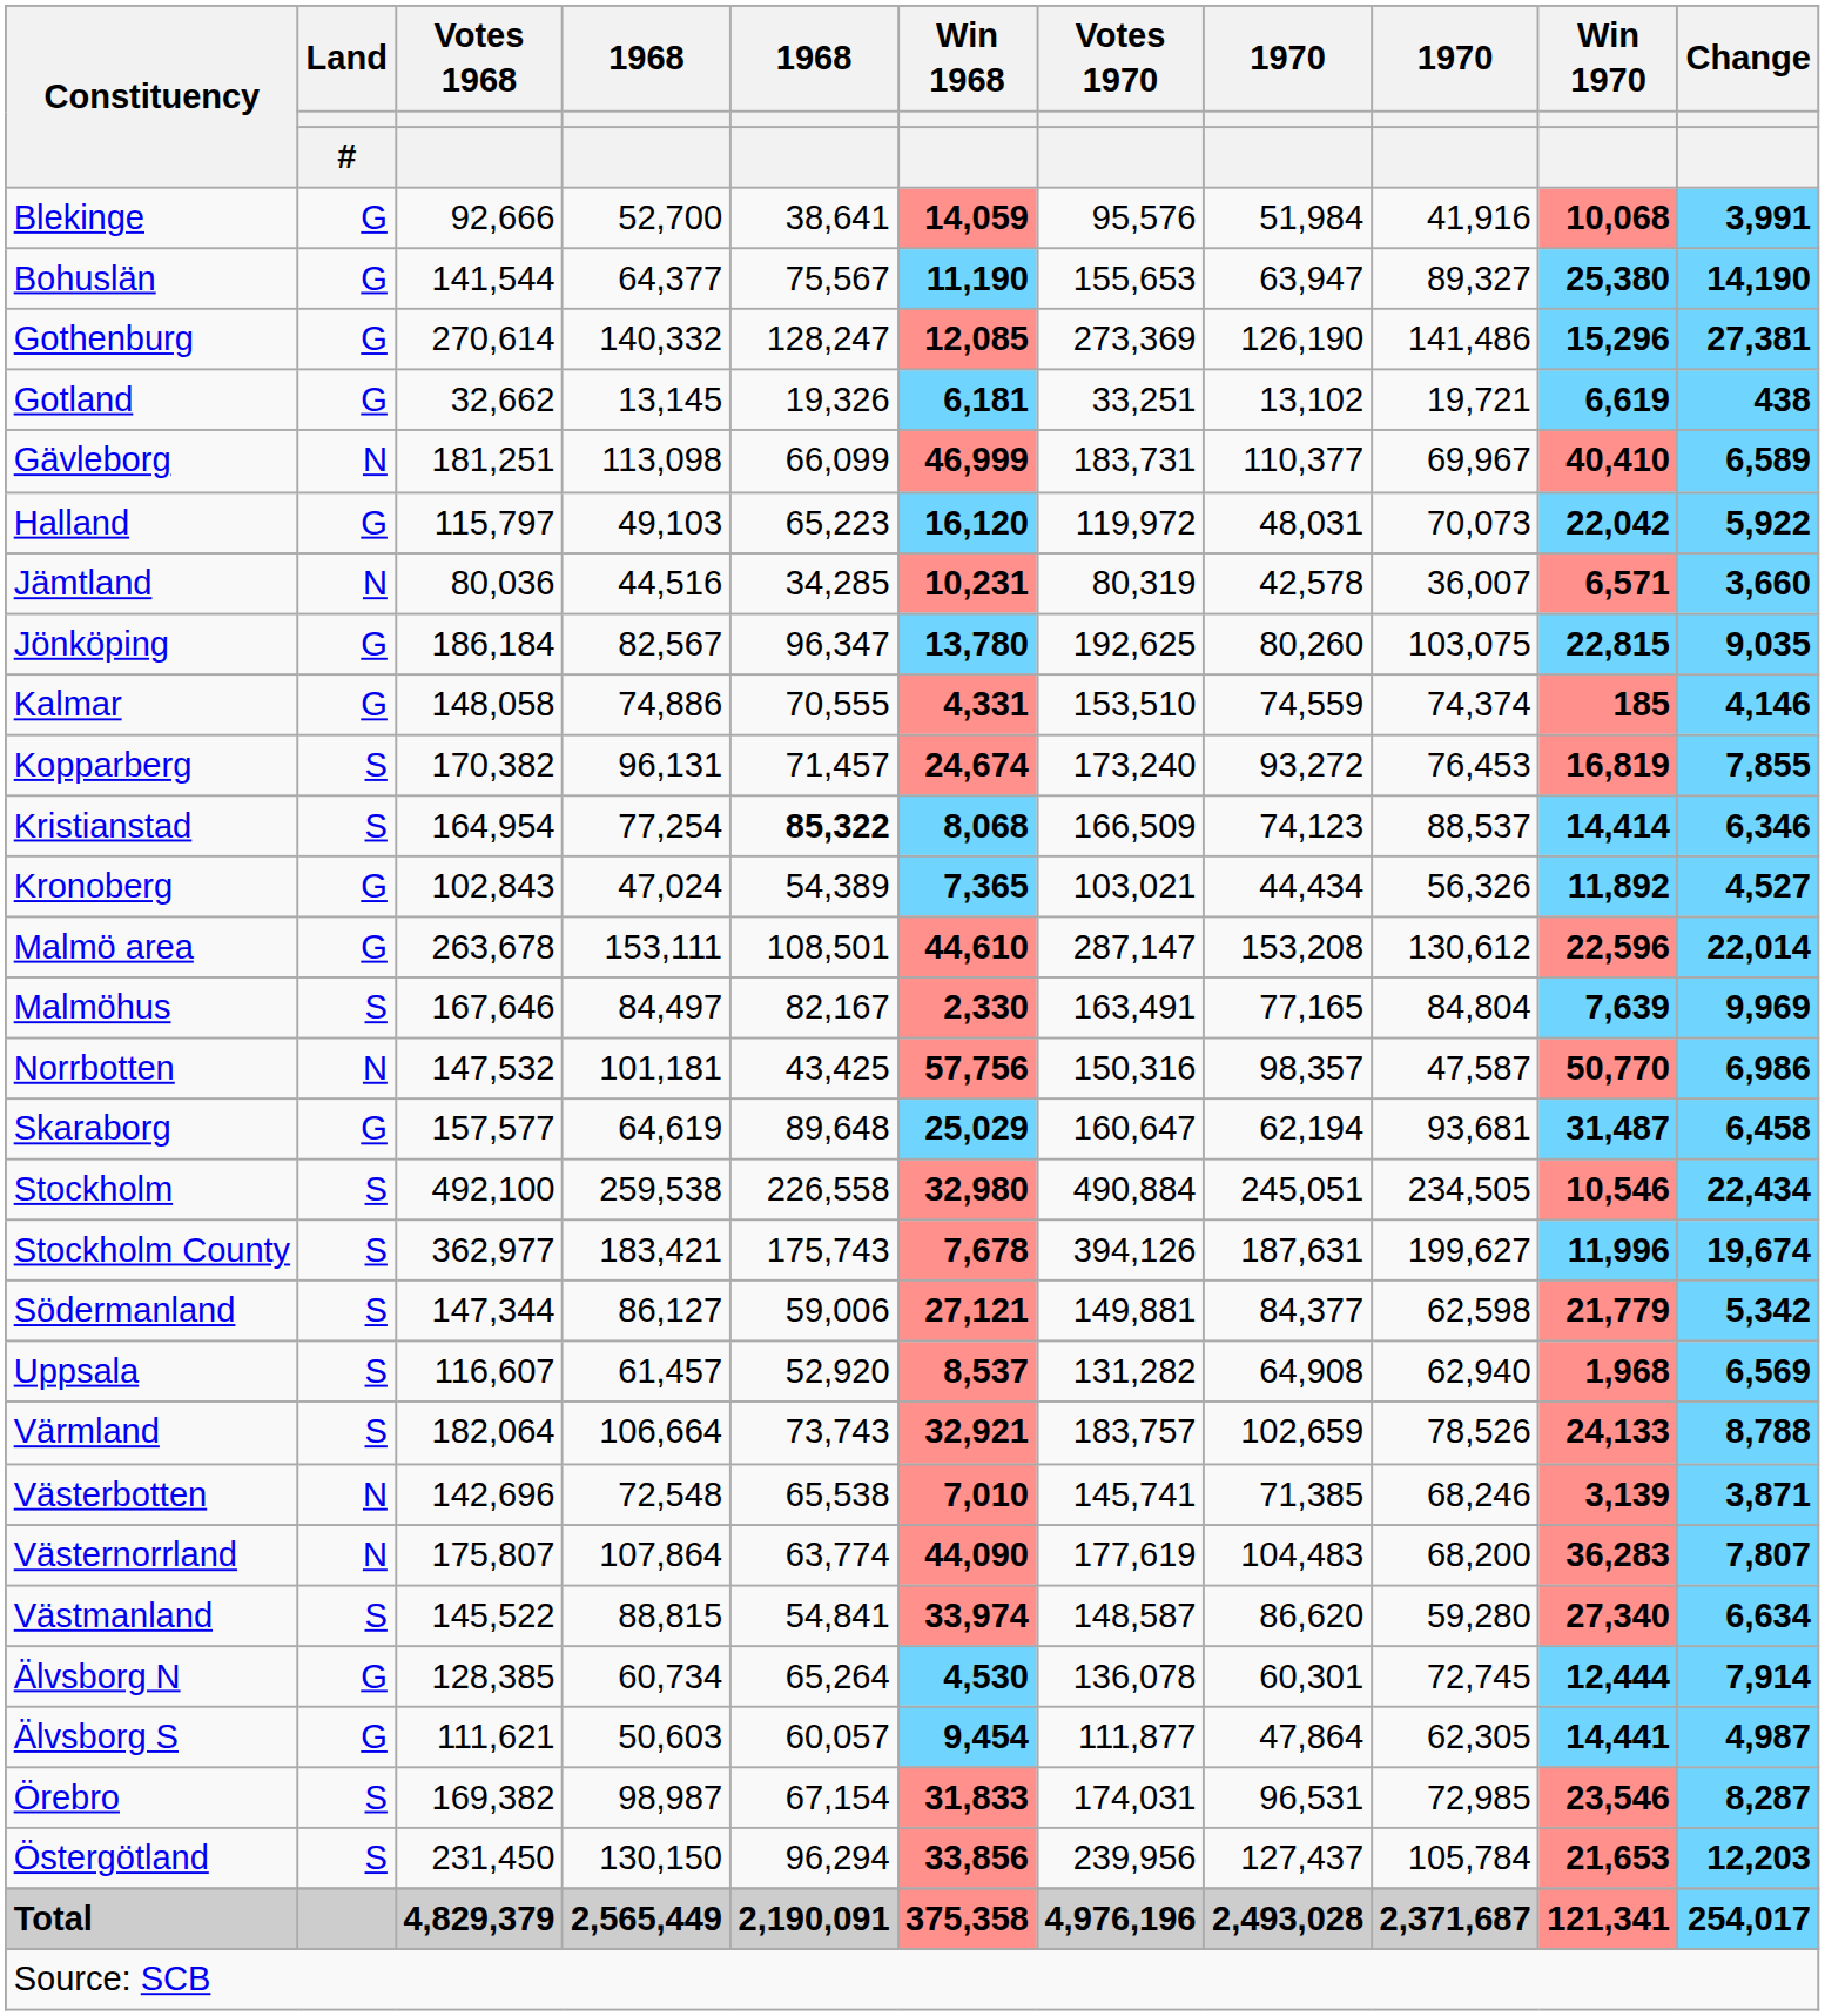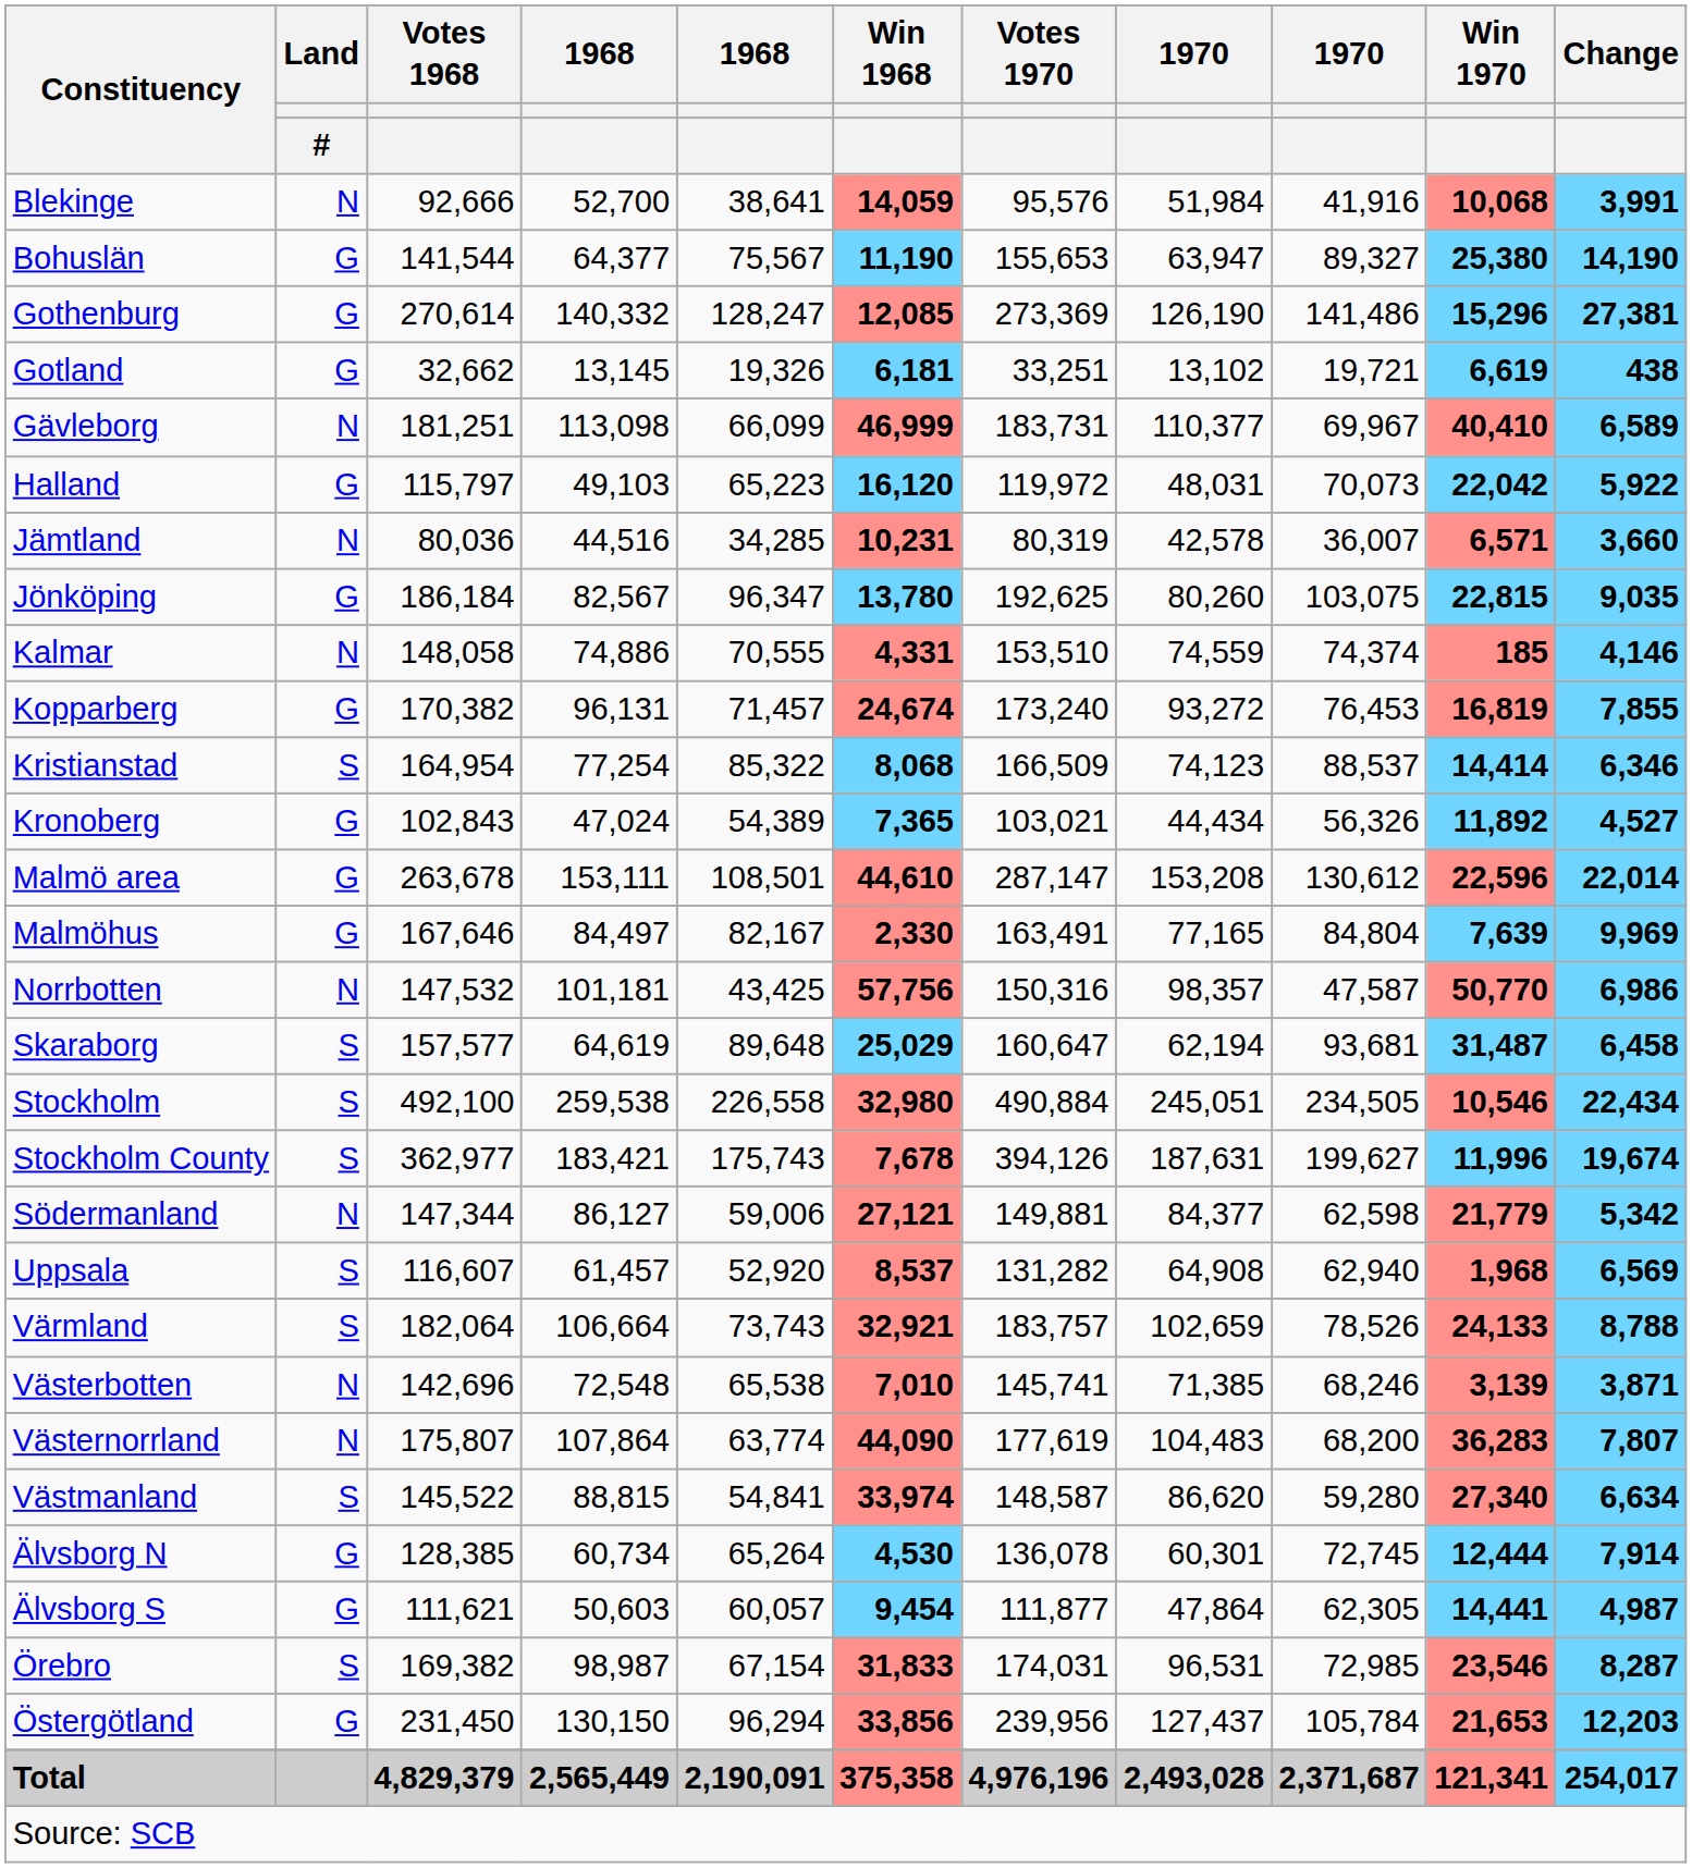 <table class="wikitable sortable" style="text-align:right; font-size:95%; line-height:20px;">
 <tr>
 <th rowspan="3">Constituency</th>
 <th>Land</th>
 <th width="30px" class="unsortable">Votes 1968</th>
 <th> 1968</th>
 <th> 1968</th>
 <th width="30px" class="unsortable">Win 1968</th>
 <th width="30px" class="unsortable">Votes 1970</th>
 <th> 1970</th>
 <th> 1970</th>
 <th width="30px" class="unsortable">Win 1970</th>
 <th width="30px" class="unsortable">Change</th>
 </tr>
 <tr>
 <th></th>
 <th></th>
 <th style="background:"></th>
 <th style="background:"></th>
 <th></th>
 <th></th>
 <th style="background:"></th>
 <th style="background:"></th>
 <th></th>
 <th></th>
 </tr>
 <tr>
 <th data-sort-type="number">#</th>
 <th data-sort-type="number"></th>
 <th data-sort-type="number"></th>
 <th data-sort-type="number"></th>
 <th data-sort-type="number"></th>
 <th data-sort-type="number"></th>
 <th data-sort-type="number"></th>
 <th data-sort-type="number"></th>
 <th data-sort-type="number"></th>
 <th data-sort-type="number"></th>
 </tr>
 <tr>
 <td align="left"><a href='#'>Blekinge</a></td>
-<td><a href='#'>G</a></td>
+<td><a href='#'>N</a></td>
 <td>92,666</td>
 <td>52,700</td>
 <td>38,641</td>
 <td bgcolor=#ff908c><strong>14,059</strong></td>
 <td>95,576</td>
 <td>51,984</td>
 <td>41,916</td>
 <td bgcolor=#ff908c><strong>10,068</strong></td>
 <td bgcolor=#6fd5fe><strong>3,991</strong></td>
 </tr>
 <tr>
 <td align="left"><a href='#'>Bohuslän</a></td>
 <td><a href='#'>G</a></td>
 <td>141,544</td>
 <td>64,377</td>
 <td>75,567</td>
 <td bgcolor=#6fd5fe><strong>11,190</strong></td>
 <td>155,653</td>
 <td>63,947</td>
 <td>89,327</td>
 <td bgcolor=#6fd5fe><strong>25,380</strong></td>
 <td bgcolor=#6fd5fe><strong>14,190</strong></td>
 </tr>
 <tr>
 <td align="left"><a href='#'>Gothenburg</a></td>
 <td><a href='#'>G</a></td>
 <td>270,614</td>
 <td>140,332</td>
 <td>128,247</td>
 <td bgcolor=#ff908c><strong>12,085</strong></td>
 <td>273,369</td>
 <td>126,190</td>
 <td>141,486</td>
 <td bgcolor=#6fd5fe><strong>15,296</strong></td>
 <td bgcolor=#6fd5fe><strong>27,381</strong></td>
 </tr>
 <tr>
 <td align="left"><a href='#'>Gotland</a></td>
 <td><a href='#'>G</a></td>
 <td>32,662</td>
 <td>13,145</td>
 <td>19,326</td>
 <td bgcolor=#6fd5fe><strong>6,181</strong></td>
 <td>33,251</td>
 <td>13,102</td>
 <td>19,721</td>
 <td bgcolor=#6fd5fe><strong>6,619</strong></td>
 <td bgcolor=#6fd5fe><strong>438</strong></td>
 </tr>
 <tr>
 <td align="left"><a href='#'>Gävleborg</a></td>
 <td><a href='#'>N</a></td>
 <td>181,251</td>
 <td>113,098</td>
 <td>66,099</td>
 <td bgcolor=#ff908c><strong>46,999</strong></td>
 <td>183,731</td>
 <td>110,377</td>
 <td>69,967</td>
 <td bgcolor=#ff908c><strong>40,410</strong></td>
 <td bgcolor=#6fd5fe><strong>6,589</strong></td>
 </tr>
 <tr>
 <td align="left"><a href='#'>Halland</a></td>
 <td><a href='#'>G</a></td>
 <td>115,797</td>
 <td>49,103</td>
 <td>65,223</td>
 <td bgcolor=#6fd5fe><strong>16,120</strong></td>
 <td>119,972</td>
 <td>48,031</td>
 <td>70,073</td>
 <td bgcolor=#6fd5fe><strong>22,042</strong></td>
 <td bgcolor=#6fd5fe><strong>5,922</strong></td>
 </tr>
 <tr>
 <td align="left"><a href='#'>Jämtland</a></td>
 <td><a href='#'>N</a></td>
 <td>80,036</td>
 <td>44,516</td>
 <td>34,285</td>
 <td bgcolor=#ff908c><strong>10,231</strong></td>
 <td>80,319</td>
 <td>42,578</td>
 <td>36,007</td>
 <td bgcolor=#ff908c><strong>6,571</strong></td>
 <td bgcolor=#6fd5fe><strong>3,660</strong></td>
 </tr>
 <tr>
 <td align="left"><a href='#'>Jönköping</a></td>
 <td><a href='#'>G</a></td>
 <td>186,184</td>
 <td>82,567</td>
 <td>96,347</td>
 <td bgcolor=#6fd5fe><strong>13,780</strong></td>
 <td>192,625</td>
 <td>80,260</td>
 <td>103,075</td>
 <td bgcolor=#6fd5fe><strong>22,815</strong></td>
 <td bgcolor=#6fd5fe><strong>9,035</strong></td>
 </tr>
 <tr>
 <td align="left"><a href='#'>Kalmar</a></td>
-<td><a href='#'>G</a></td>
+<td><a href='#'>N</a></td>
 <td>148,058</td>
 <td>74,886</td>
 <td>70,555</td>
 <td bgcolor=#ff908c><strong>4,331</strong></td>
 <td>153,510</td>
 <td>74,559</td>
 <td>74,374</td>
 <td bgcolor=#ff908c><strong>185</strong></td>
 <td bgcolor=#6fd5fe><strong>4,146</strong></td>
 </tr>
 <tr>
 <td align="left"><a href='#'>Kopparberg</a></td>
-<td><a href='#'>S</a></td>
+<td><a href='#'>G</a></td>
 <td>170,382</td>
 <td>96,131</td>
 <td>71,457</td>
 <td bgcolor=#ff908c><strong>24,674</strong></td>
 <td>173,240</td>
 <td>93,272</td>
 <td>76,453</td>
 <td bgcolor=#ff908c><strong>16,819</strong></td>
 <td bgcolor=#6fd5fe><strong>7,855</strong></td>
 </tr>
 <tr>
 <td align="left"><a href='#'>Kristianstad</a></td>
 <td><a href='#'>S</a></td>
 <td>164,954</td>
 <td>77,254</td>
-<td><strong>85,322</strong></td>
+<td>85,322</td>
 <td bgcolor=#6fd5fe><strong>8,068</strong></td>
 <td>166,509</td>
 <td>74,123</td>
 <td>88,537</td>
 <td bgcolor=#6fd5fe><strong>14,414</strong></td>
 <td bgcolor=#6fd5fe><strong>6,346</strong></td>
 </tr>
 <tr>
 <td align="left"><a href='#'>Kronoberg</a></td>
 <td><a href='#'>G</a></td>
 <td>102,843</td>
 <td>47,024</td>
 <td>54,389</td>
 <td bgcolor=#6fd5fe><strong>7,365</strong></td>
 <td>103,021</td>
 <td>44,434</td>
 <td>56,326</td>
 <td bgcolor=#6fd5fe><strong>11,892</strong></td>
 <td bgcolor=#6fd5fe><strong>4,527</strong></td>
 </tr>
 <tr>
 <td align="left"><a href='#'>Malmö area</a></td>
 <td><a href='#'>G</a></td>
 <td>263,678</td>
 <td>153,111</td>
 <td>108,501</td>
 <td bgcolor=#ff908c><strong>44,610</strong></td>
 <td>287,147</td>
 <td>153,208</td>
 <td>130,612</td>
 <td bgcolor=#ff908c><strong>22,596</strong></td>
 <td bgcolor=#6fd5fe><strong>22,014</strong></td>
 </tr>
 <tr>
 <td align="left"><a href='#'>Malmöhus</a></td>
-<td><a href='#'>S</a></td>
+<td><a href='#'>G</a></td>
 <td>167,646</td>
 <td>84,497</td>
 <td>82,167</td>
 <td bgcolor=#ff908c><strong>2,330</strong></td>
 <td>163,491</td>
 <td>77,165</td>
 <td>84,804</td>
 <td bgcolor=#6fd5fe><strong>7,639</strong></td>
 <td bgcolor=#6fd5fe><strong>9,969</strong></td>
 </tr>
 <tr>
 <td align="left"><a href='#'>Norrbotten</a></td>
 <td><a href='#'>N</a></td>
 <td>147,532</td>
 <td>101,181</td>
 <td>43,425</td>
 <td bgcolor=#ff908c><strong>57,756</strong></td>
 <td>150,316</td>
 <td>98,357</td>
 <td>47,587</td>
 <td bgcolor=#ff908c><strong>50,770</strong></td>
 <td bgcolor=#6fd5fe><strong>6,986</strong></td>
 </tr>
 <tr>
 <td align="left"><a href='#'>Skaraborg</a></td>
-<td><a href='#'>G</a></td>
+<td><a href='#'>S</a></td>
 <td>157,577</td>
 <td>64,619</td>
 <td>89,648</td>
 <td bgcolor=#6fd5fe><strong>25,029</strong></td>
 <td>160,647</td>
 <td>62,194</td>
 <td>93,681</td>
 <td bgcolor=#6fd5fe><strong>31,487</strong></td>
 <td bgcolor=#6fd5fe><strong>6,458</strong></td>
 </tr>
 <tr>
 <td align="left"><a href='#'>Stockholm</a></td>
 <td><a href='#'>S</a></td>
 <td>492,100</td>
 <td>259,538</td>
 <td>226,558</td>
 <td bgcolor=#ff908c><strong>32,980</strong></td>
 <td>490,884</td>
 <td>245,051</td>
 <td>234,505</td>
 <td bgcolor=#ff908c><strong>10,546</strong></td>
 <td bgcolor=#6fd5fe><strong>22,434</strong></td>
 </tr>
 <tr>
 <td align="left"><a href='#'>Stockholm County</a></td>
 <td><a href='#'>S</a></td>
 <td>362,977</td>
 <td>183,421</td>
 <td>175,743</td>
 <td bgcolor=#ff908c><strong>7,678</strong></td>
 <td>394,126</td>
 <td>187,631</td>
 <td>199,627</td>
 <td bgcolor=#6fd5fe><strong>11,996</strong></td>
 <td bgcolor=#6fd5fe><strong>19,674</strong></td>
 </tr>
 <tr>
 <td align="left"><a href='#'>Södermanland</a></td>
-<td><a href='#'>S</a></td>
+<td><a href='#'>N</a></td>
 <td>147,344</td>
 <td>86,127</td>
 <td>59,006</td>
 <td bgcolor=#ff908c><strong>27,121</strong></td>
 <td>149,881</td>
 <td>84,377</td>
 <td>62,598</td>
 <td bgcolor=#ff908c><strong>21,779</strong></td>
 <td bgcolor=#6fd5fe><strong>5,342</strong></td>
 </tr>
 <tr>
 <td align="left"><a href='#'>Uppsala</a></td>
 <td><a href='#'>S</a></td>
 <td>116,607</td>
 <td>61,457</td>
 <td>52,920</td>
 <td bgcolor=#ff908c><strong>8,537</strong></td>
 <td>131,282</td>
 <td>64,908</td>
 <td>62,940</td>
 <td bgcolor=#ff908c><strong>1,968</strong></td>
 <td bgcolor=#6fd5fe><strong>6,569</strong></td>
 </tr>
 <tr>
 <td align="left"><a href='#'>Värmland</a></td>
 <td><a href='#'>S</a></td>
 <td>182,064</td>
 <td>106,664</td>
 <td>73,743</td>
 <td bgcolor=#ff908c><strong>32,921</strong></td>
 <td>183,757</td>
 <td>102,659</td>
 <td>78,526</td>
 <td bgcolor=#ff908c><strong>24,133</strong></td>
 <td bgcolor=#6fd5fe><strong>8,788</strong></td>
 </tr>
 <tr>
 <td align="left"><a href='#'>Västerbotten</a></td>
 <td><a href='#'>N</a></td>
 <td>142,696</td>
 <td>72,548</td>
 <td>65,538</td>
 <td bgcolor=#ff908c><strong>7,010</strong></td>
 <td>145,741</td>
 <td>71,385</td>
 <td>68,246</td>
 <td bgcolor=#ff908c><strong>3,139</strong></td>
 <td bgcolor=#6fd5fe><strong>3,871</strong></td>
 </tr>
 <tr>
 <td align="left"><a href='#'>Västernorrland</a></td>
 <td><a href='#'>N</a></td>
 <td>175,807</td>
 <td>107,864</td>
 <td>63,774</td>
 <td bgcolor=#ff908c><strong>44,090</strong></td>
 <td>177,619</td>
 <td>104,483</td>
 <td>68,200</td>
 <td bgcolor=#ff908c><strong>36,283</strong></td>
 <td bgcolor=#6fd5fe><strong>7,807</strong></td>
 </tr>
 <tr>
 <td align="left"><a href='#'>Västmanland</a></td>
 <td><a href='#'>S</a></td>
 <td>145,522</td>
 <td>88,815</td>
 <td>54,841</td>
 <td bgcolor=#ff908c><strong>33,974</strong></td>
 <td>148,587</td>
 <td>86,620</td>
 <td>59,280</td>
 <td bgcolor=#ff908c><strong>27,340</strong></td>
 <td bgcolor=#6fd5fe><strong>6,634</strong></td>
 </tr>
 <tr>
 <td align="left"><a href='#'>Älvsborg N</a></td>
 <td><a href='#'>G</a></td>
 <td>128,385</td>
 <td>60,734</td>
 <td>65,264</td>
 <td bgcolor=#6fd5fe><strong>4,530</strong></td>
 <td>136,078</td>
 <td>60,301</td>
 <td>72,745</td>
 <td bgcolor=#6fd5fe><strong>12,444</strong></td>
 <td bgcolor=#6fd5fe><strong>7,914</strong></td>
 </tr>
 <tr>
 <td align="left"><a href='#'>Älvsborg S</a></td>
 <td><a href='#'>G</a></td>
 <td>111,621</td>
 <td>50,603</td>
 <td>60,057</td>
 <td bgcolor=#6fd5fe><strong>9,454</strong></td>
 <td>111,877</td>
 <td>47,864</td>
 <td>62,305</td>
 <td bgcolor=#6fd5fe><strong>14,441</strong></td>
 <td bgcolor=#6fd5fe><strong>4,987</strong></td>
 </tr>
 <tr>
 <td align="left"><a href='#'>Örebro</a></td>
 <td><a href='#'>S</a></td>
 <td>169,382</td>
 <td>98,987</td>
 <td>67,154</td>
 <td bgcolor=#ff908c><strong>31,833</strong></td>
 <td>174,031</td>
 <td>96,531</td>
 <td>72,985</td>
 <td bgcolor=#ff908c><strong>23,546</strong></td>
 <td bgcolor=#6fd5fe><strong>8,287</strong></td>
 </tr>
 <tr>
 <td align="left"><a href='#'>Östergötland</a></td>
-<td><a href='#'>S</a></td>
+<td><a href='#'>G</a></td>
 <td>231,450</td>
 <td>130,150</td>
 <td>96,294</td>
 <td bgcolor=#ff908c><strong>33,856</strong></td>
 <td>239,956</td>
 <td>127,437</td>
 <td>105,784</td>
 <td bgcolor=#ff908c><strong>21,653</strong></td>
 <td bgcolor=#6fd5fe><strong>12,203</strong></td>
 </tr>
 <tr>
 </tr>
 <tr style="background:#CDCDCD;">
 <td align="left"><strong>Total</strong></td>
 <td></td>
 <td><strong>4,829,379</strong></td>
 <td><strong>2,565,449</strong></td>
 <td><strong>2,190,091</strong></td>
 <td bgcolor=#ff908c><strong>375,358</strong></td>
 <td><strong>4,976,196</strong></td>
 <td><strong>2,493,028</strong></td>
 <td><strong>2,371,687</strong></td>
 <td bgcolor=#ff908c><strong>121,341</strong></td>
 <td bgcolor=#6fd5fe><strong>254,017</strong></td>
 </tr>
 <tr>
 <td colspan="11" align="left">Source: <a href='#'>SCB</a></td>
 </tr>
 </table>
